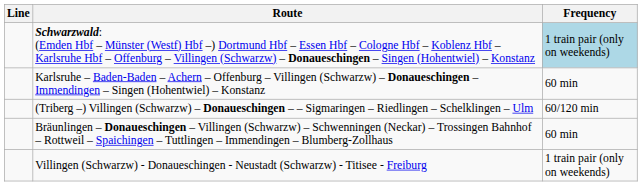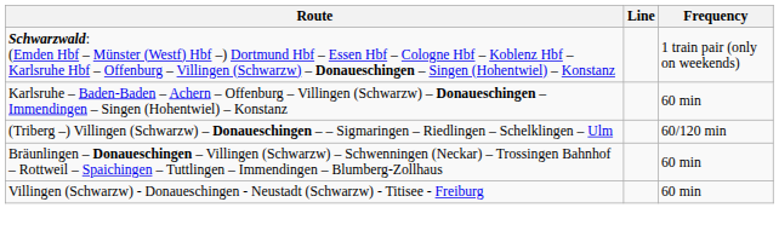 <table class="wikitable">
 <tr>
+<th>Route</th>
 <th>Line</th>
-<th>Route</th>
 <th width="15%">Frequency</th>
 </tr>
 <tr>
+<td><strong><em>Schwarzwald</em></strong>:<br> (<a href='#'>Emden Hbf</a> – <a href='#'>Münster (Westf) Hbf</a> –) <a href='#'>Dortmund Hbf</a> – <a href='#'>Essen Hbf</a> – <a href='#'>Cologne Hbf</a> – <a href='#'>Koblenz Hbf</a> – <a href='#'>Karlsruhe Hbf</a> – <a href='#'>Offenburg</a> – <a href='#'>Villingen (Schwarzw)</a> – <strong>Donaueschingen</strong> – <a href='#'>Singen (Hohentwiel)</a> – <a href='#'>Konstanz</a></td>
 <td align="center"></td>
-<td><strong><em>Schwarzwald</em></strong>:<br> (<a href='#'>Emden Hbf</a> – <a href='#'>Münster (Westf) Hbf</a> –) <a href='#'>Dortmund Hbf</a> – <a href='#'>Essen Hbf</a> – <a href='#'>Cologne Hbf</a> – <a href='#'>Koblenz Hbf</a> – <a href='#'>Karlsruhe Hbf</a> – <a href='#'>Offenburg</a> – <a href='#'>Villingen (Schwarzw)</a> – <strong>Donaueschingen</strong> – <a href='#'>Singen (Hohentwiel)</a> – <a href='#'>Konstanz</a></td>
-<td style="background: lightblue;">1 train pair (only on weekends)</td>
+<td>1 train pair (only on weekends)</td>
 </tr>
 <tr>
+<td>Karlsruhe – <a href='#'>Baden-Baden</a> – <a href='#'>Achern</a> – Offenburg – Villingen (Schwarzw) – <strong>Donaueschingen</strong> – <a href='#'>Immendingen</a> – Singen (Hohentwiel) – Konstanz</td>
 <td align="center"></td>
-<td>Karlsruhe – <a href='#'>Baden-Baden</a> – <a href='#'>Achern</a> – Offenburg – Villingen (Schwarzw) – <strong>Donaueschingen</strong> – <a href='#'>Immendingen</a> – Singen (Hohentwiel) – Konstanz</td>
 <td>60 min</td>
 </tr>
 <tr>
+<td>(Triberg –) Villingen (Schwarzw) – <strong>Donaueschingen</strong> –  – Sigmaringen – Riedlingen – Schelklingen – <a href='#'>Ulm</a></td>
 <td align="center"></td>
-<td>(Triberg –) Villingen (Schwarzw) – <strong>Donaueschingen</strong> –  – Sigmaringen – Riedlingen – Schelklingen – <a href='#'>Ulm</a></td>
 <td>60/120 min</td>
 </tr>
 <tr>
+<td>Bräunlingen – <strong>Donaueschingen</strong> – Villingen (Schwarzw) – Schwenningen (Neckar) – Trossingen Bahnhof – Rottweil –  <a href='#'>Spaichingen</a> – Tuttlingen – Immendingen – Blumberg-Zollhaus</td>
 <td align="center"></td>
-<td>Bräunlingen – <strong>Donaueschingen</strong> – Villingen (Schwarzw) – Schwenningen (Neckar) – Trossingen Bahnhof – Rottweil –  <a href='#'>Spaichingen</a> – Tuttlingen – Immendingen – Blumberg-Zollhaus</td>
 <td>60 min</td>
 </tr>
 <tr>
+<td>Villingen (Schwarzw) - Donaueschingen - Neustadt (Schwarzw) - Titisee - <a href='#'>Freiburg</a></td>
 <td align="center"></td>
-<td>Villingen (Schwarzw) - Donaueschingen - Neustadt (Schwarzw) - Titisee - <a href='#'>Freiburg</a></td>
-<td>1 train pair (only on weekends)</td>
+<td>60 min</td>
 </tr>
 </table>
